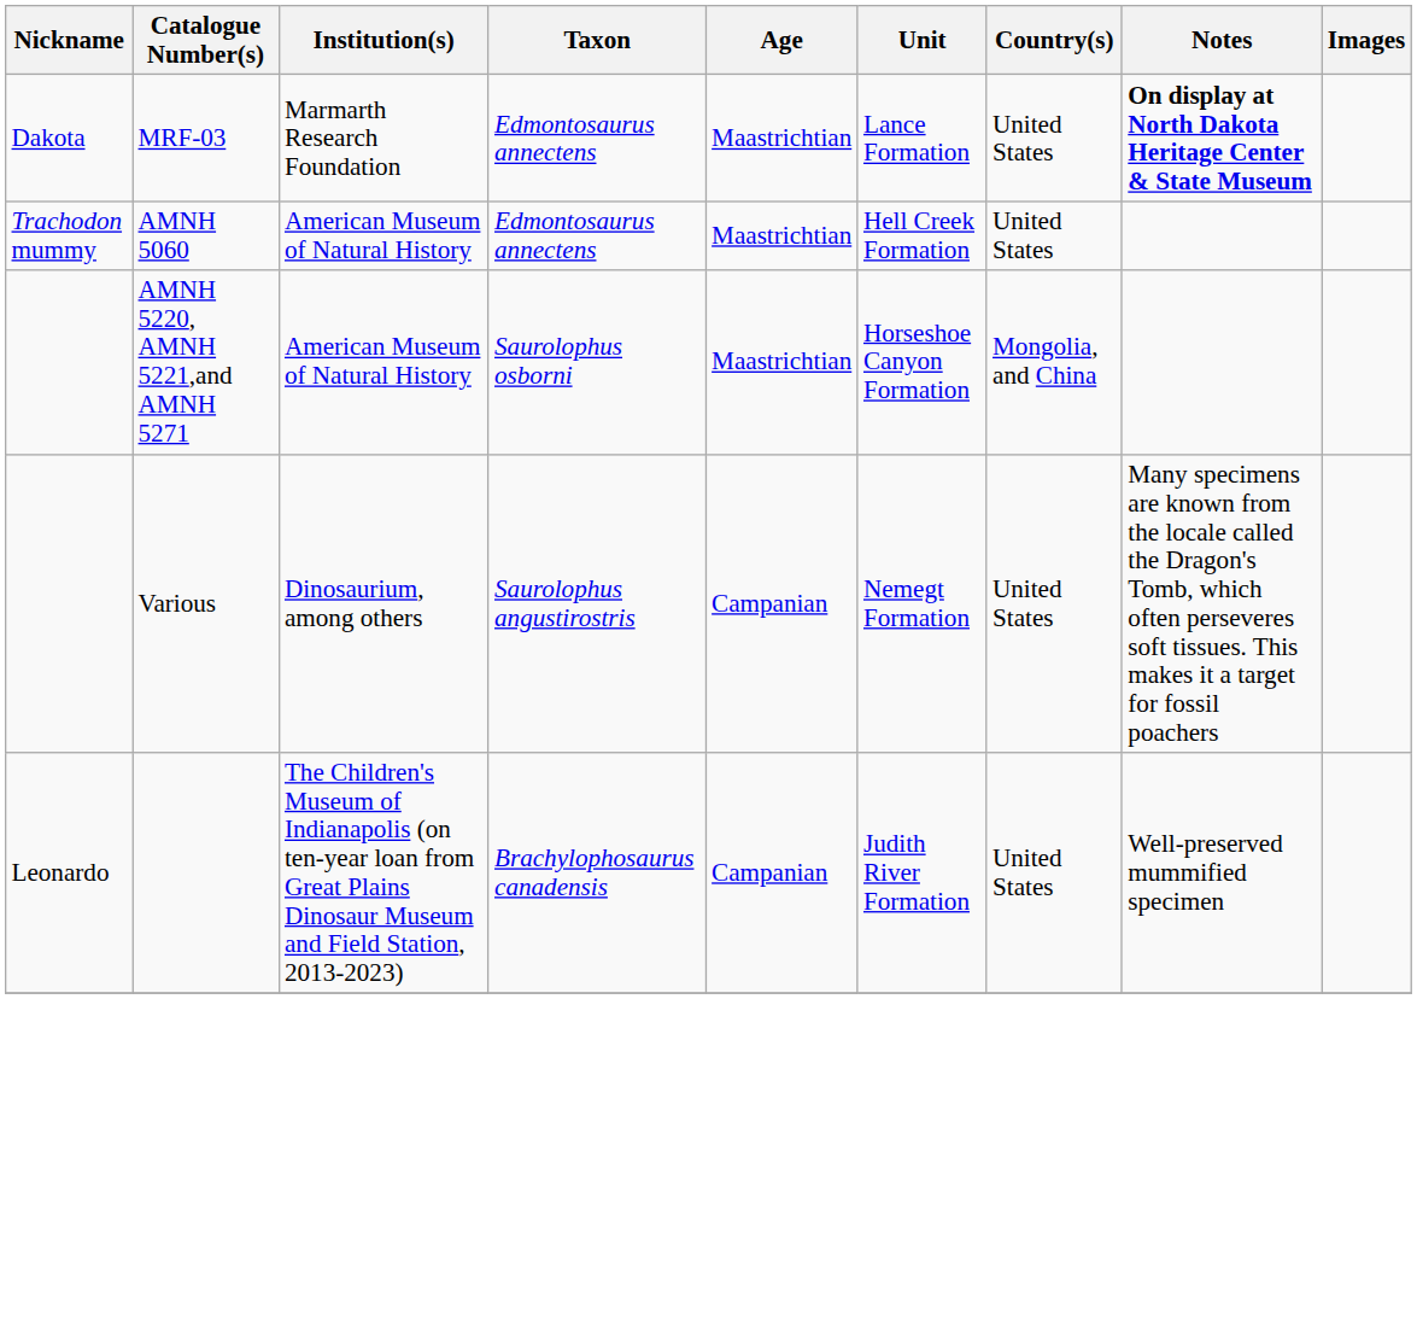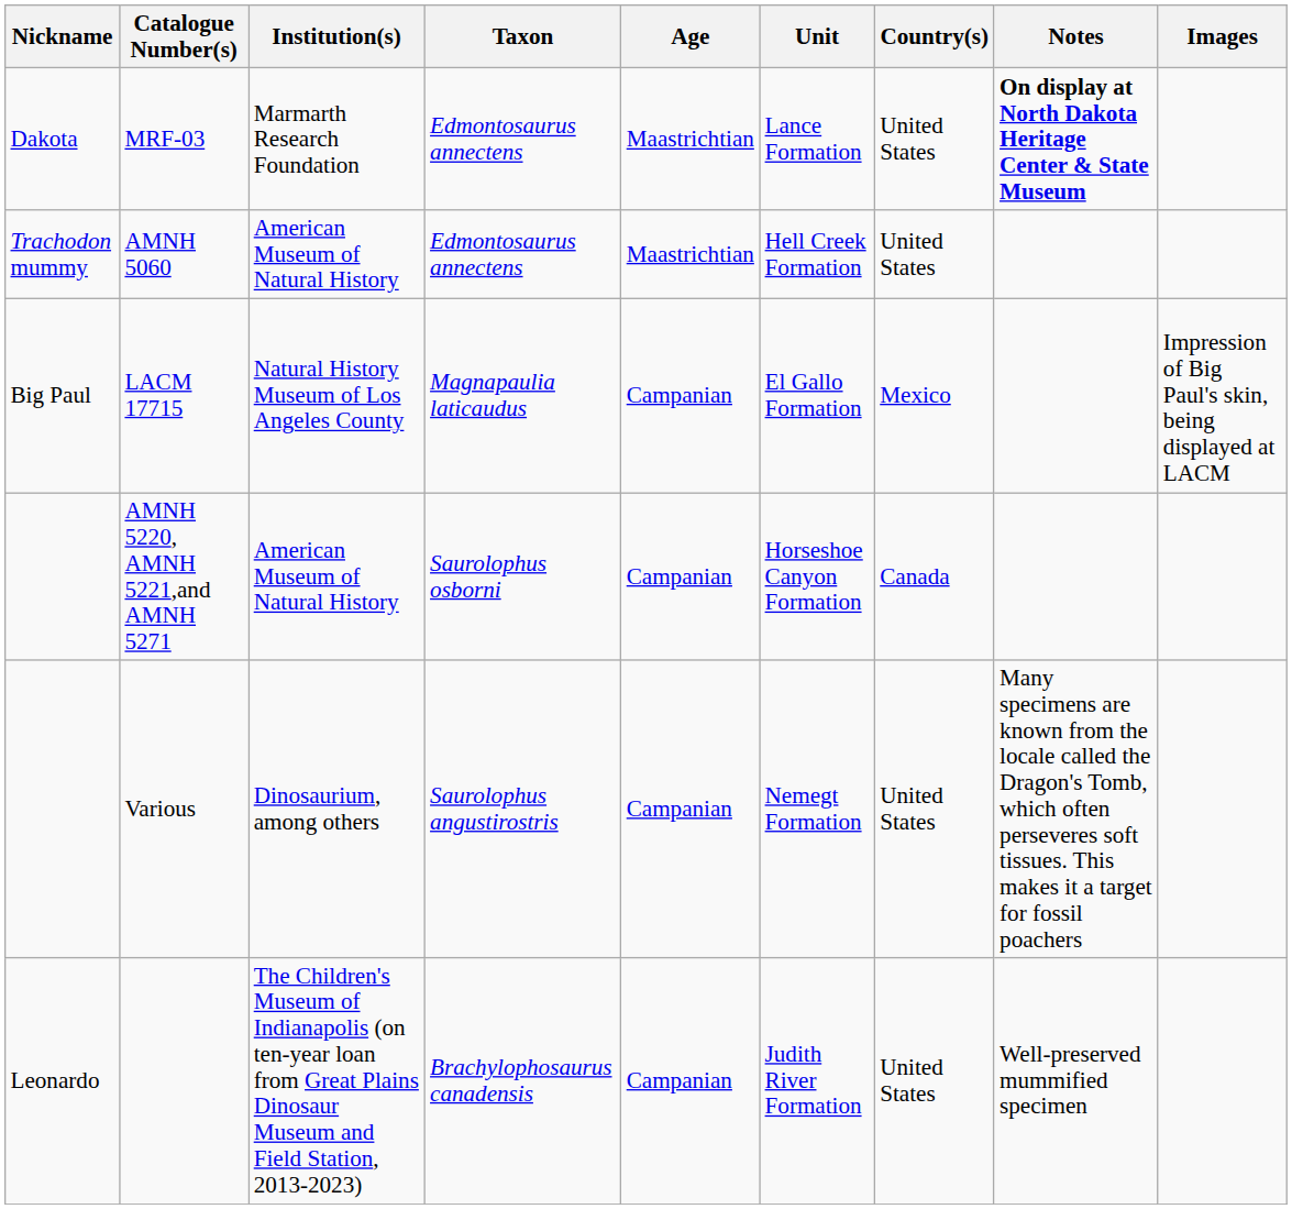 <table class="wikitable sortable" align="center" width="100%">
 <tr>
 <th>Nickname</th>
 <th>Catalogue Number(s)</th>
 <th>Institution(s)</th>
 <th>Taxon</th>
 <th>Age</th>
 <th>Unit</th>
 <th>Country(s)</th>
 <th>Notes</th>
 <th>Images</th>
 </tr>
 <tr>
 <td><a href='#'>Dakota</a></td>
 <td><a href='#'>MRF-03</a></td>
 <td>Marmarth Research Foundation</td>
 <td><em><a href='#'>Edmontosaurus annectens</a></em></td>
 <td><a href='#'>Maastrichtian</a></td>
 <td><a href='#'>Lance Formation</a></td>
 <td>United States</td>
 <td><strong>On display at <a href='#'>North Dakota Heritage Center & State Museum</a></strong></td>
 <td></td>
 </tr>
 <tr>
 <td><a href='#'><em>Trachodon</em> mummy</a></td>
 <td><a href='#'>AMNH 5060</a></td>
 <td><a href='#'>American Museum of Natural History</a></td>
 <td><em><a href='#'>Edmontosaurus annectens</a></em></td>
 <td><a href='#'>Maastrichtian</a></td>
 <td><a href='#'>Hell Creek Formation</a></td>
 <td>United States</td>
 <td></td>
 <td></td>
 </tr>
 <tr>
+<td>Big Paul</td>
+<td><a href='#'>LACM 17715</a></td>
+<td><a href='#'>Natural History Museum of Los Angeles County</a></td>
+<td><em><a href='#'>Magnapaulia laticaudus</a></em></td>
+<td><a href='#'>Campanian</a></td>
+<td><a href='#'>El Gallo Formation</a></td>
+<td><a href='#'>Mexico</a></td>
+<td></td>
+<td><br>Impression of Big Paul's skin, being displayed at LACM</td>
+</tr>
+<tr>
 <td></td>
 <td><a href='#'>AMNH 5220</a>, <a href='#'>AMNH 5221</a>,and <a href='#'>AMNH 5271</a></td>
 <td><a href='#'>American Museum of Natural History</a></td>
 <td><em><a href='#'>Saurolophus osborni</a></em></td>
-<td><a href='#'>Maastrichtian</a></td>
+<td><a href='#'>Campanian</a></td>
 <td><a href='#'>Horseshoe Canyon Formation</a></td>
-<td><a href='#'>Mongolia</a>, and <a href='#'>China</a></td>
+<td><a href='#'>Canada</a></td>
 <td></td>
 <td></td>
 </tr>
 <tr>
 <td></td>
 <td>Various</td>
 <td><a href='#'>Dinosaurium</a>, among others</td>
 <td><em><a href='#'>Saurolophus angustirostris</a></em></td>
 <td><a href='#'>Campanian</a></td>
 <td><a href='#'>Nemegt Formation</a></td>
 <td>United States</td>
 <td>Many specimens are known from the locale called the Dragon's Tomb, which often perseveres soft tissues. This makes it a target for fossil poachers</td>
 <td></td>
 </tr>
 <tr>
 <td>Leonardo</td>
 <td></td>
 <td><a href='#'>The Children's Museum of Indianapolis</a> (on ten-year loan from <a href='#'>Great Plains Dinosaur Museum and Field Station</a>, 2013-2023)</td>
 <td><em><a href='#'>Brachylophosaurus canadensis</a></em></td>
 <td><a href='#'>Campanian</a></td>
 <td><a href='#'>Judith River Formation</a></td>
 <td>United States</td>
 <td>Well-preserved mummified specimen</td>
 <td></td>
 </tr>
 <tr>
 </tr>
 </table>
